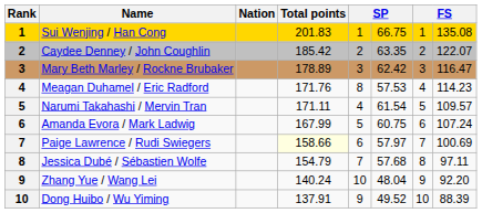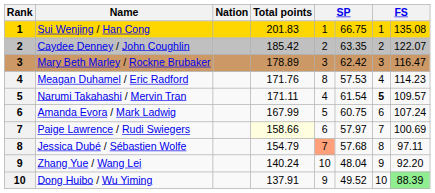 <table class="wikitable sortable">
 <tr>
 <th>Rank</th>
 <th>Name</th>
 <th>Nation</th>
 <th>Total points</th>
 <th colspan="2" width="80px"><a href='#'>SP</a></th>
 <th colspan="2" width="80px"><a href='#'>FS</a></th>
 </tr>
 <tr bgcolor="gold">
 <td align="center"><strong>1</strong></td>
 <td><a href='#'>Sui Wenjing</a> / <a href='#'>Han Cong</a></td>
 <td></td>
 <td align="center">201.83</td>
 <td align="center">1</td>
 <td align="center">66.75</td>
 <td align="center">1</td>
 <td align="center">135.08</td>
 </tr>
 <tr bgcolor="silver">
 <td align="center"><strong>2</strong></td>
 <td><a href='#'>Caydee Denney</a> / <a href='#'>John Coughlin</a></td>
 <td></td>
 <td align="center">185.42</td>
 <td align="center">2</td>
 <td align="center">63.35</td>
 <td align="center">2</td>
 <td align="center">122.07</td>
 </tr>
 <tr bgcolor="cc9966">
 <td align="center"><strong>3</strong></td>
 <td><a href='#'>Mary Beth Marley</a> / <a href='#'>Rockne Brubaker</a></td>
 <td></td>
 <td align="center">178.89</td>
 <td align="center">3</td>
 <td align="center">62.42</td>
 <td align="center">3</td>
 <td align="center">116.47</td>
 </tr>
 <tr>
 <th>4</th>
 <td><a href='#'>Meagan Duhamel</a> / <a href='#'>Eric Radford</a></td>
 <td></td>
 <td align="center">171.76</td>
 <td align="center">8</td>
 <td align="center">57.53</td>
 <td align="center">4</td>
 <td align="center">114.23</td>
 </tr>
 <tr>
 <th>5</th>
 <td><a href='#'>Narumi Takahashi</a> / <a href='#'>Mervin Tran</a></td>
 <td></td>
 <td align="center">171.11</td>
 <td align="center">4</td>
 <td align="center">61.54</td>
-<td align="center">5</td>
+<td align="center"><strong>5</strong></td>
 <td align="center">109.57</td>
 </tr>
 <tr>
 <th>6</th>
 <td><a href='#'>Amanda Evora</a> / <a href='#'>Mark Ladwig</a></td>
 <td></td>
 <td align="center">167.99</td>
 <td align="center">5</td>
 <td align="center">60.75</td>
 <td align="center">6</td>
 <td align="center">107.24</td>
 </tr>
 <tr>
 <th>7</th>
 <td><a href='#'>Paige Lawrence</a> / <a href='#'>Rudi Swiegers</a></td>
 <td></td>
 <td align="center" style="background: lightyellow;">158.66</td>
 <td align="center">6</td>
 <td align="center">57.97</td>
 <td align="center">7</td>
 <td align="center">100.69</td>
 </tr>
 <tr>
 <th>8</th>
 <td><a href='#'>Jessica Dubé</a> / <a href='#'>Sébastien Wolfe</a></td>
 <td></td>
 <td align="center">154.79</td>
-<td align="center">7</td>
+<td align="center" style="background: lightsalmon;">7</td>
 <td align="center">57.68</td>
 <td align="center">8</td>
 <td align="center">97.11</td>
 </tr>
 <tr>
 <th>9</th>
 <td><a href='#'>Zhang Yue</a> / <a href='#'>Wang Lei</a></td>
 <td></td>
 <td align="center">140.24</td>
 <td align="center">10</td>
 <td align="center">48.04</td>
 <td align="center">9</td>
 <td align="center">92.20</td>
 </tr>
 <tr>
 <th>10</th>
 <td><a href='#'>Dong Huibo</a> / <a href='#'>Wu Yiming</a></td>
 <td></td>
 <td align="center">137.91</td>
 <td align="center">9</td>
 <td align="center">49.52</td>
 <td align="center">10</td>
-<td align="center">88.39</td>
+<td align="center" style="background: lightgreen;">88.39</td>
 </tr>
 </table>
